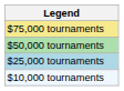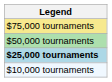 <table class="wikitable" style="font-size:85%; width:12%;">
 <tr>
 <th>Legend</th>
 </tr>
 <tr style="background:#f7e98e;">
 <td>$75,000 tournaments</td>
 </tr>
 <tr style="background:#addfad;">
 <td>$50,000 tournaments</td>
 </tr>
 <tr style="background:lightblue;">
-<td>$25,000 tournaments</td>
+<td><strong>$25,000 tournaments</strong></td>
 </tr>
 <tr style="background:#f0f8ff;">
 <td>$10,000 tournaments</td>
 </tr>
 </table>
